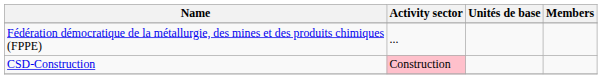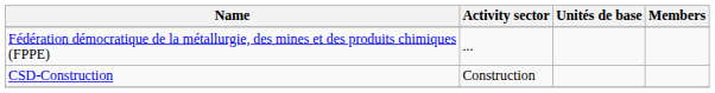 <table class="wikitable sortable">
 <tr style="background:#ececec;">
 <th>Name</th>
 <th>Activity sector</th>
 <th>Unités de base</th>
 <th>Members</th>
 </tr>
 <tr>
 </tr>
 <tr>
 <td><a href='#'>Fédération démocratique de la métallurgie, des mines et des produits chimiques</a><br>(FPPE)</td>
 <td>...</td>
 <td></td>
 <td align="center"></td>
 </tr>
 <tr>
 <td><a href='#'>CSD-Construction</a></td>
-<td style="background: pink;">Construction</td>
+<td>Construction</td>
 <td></td>
 <td align="center"></td>
 </tr>
 <tr>
 </tr>
 </table>
